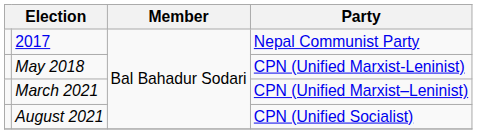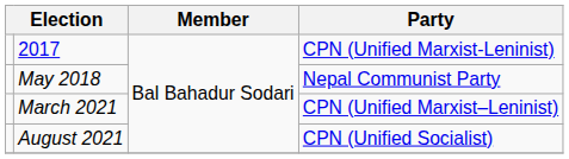 <table class="wikitable">
 <tr>
 <th colspan="2">Election</th>
 <th>Member</th>
 <th>Party</th>
 </tr>
 <tr>
 <td style="background-color:"></td>
 <td><a href='#'>2017</a></td>
 <td rowspan="4">Bal Bahadur Sodari</td>
-<td><a href='#'>Nepal Communist Party</a></td>
+<td><a href='#'>CPN (Unified Marxist-Leninist)</a></td>
 </tr>
 <tr>
 <td style="background-color:"></td>
 <td><em>May 2018</em></td>
-<td><a href='#'>CPN (Unified Marxist-Leninist)</a></td>
+<td><a href='#'>Nepal Communist Party</a></td>
 </tr>
 <tr>
 <td style="background-color:"></td>
 <td><em>March 2021</em></td>
 <td><a href='#'>CPN (Unified Marxist–Leninist)</a></td>
 </tr>
 <tr>
 <td style="background-color:"></td>
 <td><em>August 2021</em></td>
 <td><a href='#'>CPN (Unified Socialist)</a></td>
 </tr>
 <tr>
 </tr>
 </table>
